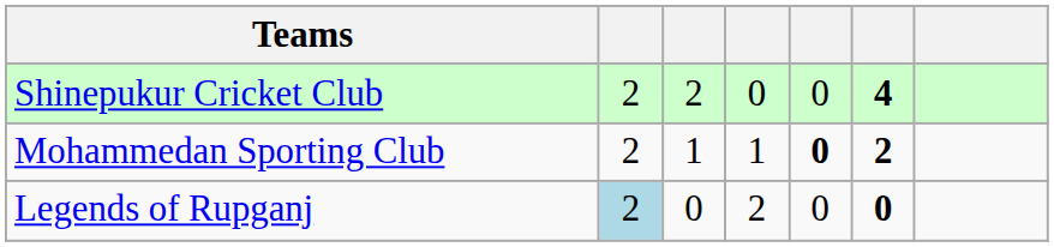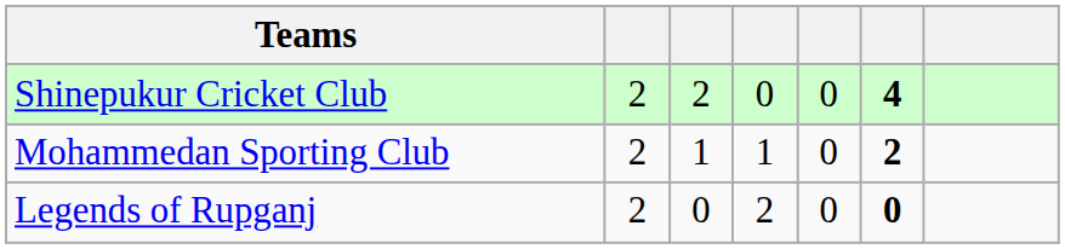 <table class="wikitable" style="text-align:center">
 <tr>
 <th style="width:250px">Teams</th>
 <th width="20"></th>
 <th width="20"></th>
 <th width="20"></th>
 <th width="20"></th>
 <th width="20"></th>
 <th width="50"></th>
 </tr>
 <tr style="background:#cfc">
 <td style="text-align:left;"><a href='#'>Shinepukur Cricket Club</a></td>
 <td>2</td>
 <td>2</td>
 <td>0</td>
 <td>0</td>
 <td><strong>4</strong></td>
 <td></td>
 </tr>
 <tr>
 <td style="text-align:left;"><a href='#'>Mohammedan Sporting Club</a></td>
 <td>2</td>
 <td>1</td>
 <td>1</td>
-<td><strong>0</strong></td>
+<td>0</td>
 <td><strong>2</strong></td>
 <td></td>
 </tr>
 <tr>
 <td style="text-align:left;"><a href='#'>Legends of Rupganj</a></td>
-<td style="background: lightblue;">2</td>
+<td>2</td>
 <td>0</td>
 <td>2</td>
 <td>0</td>
 <td><strong>0</strong></td>
 <td></td>
 </tr>
 </table>
